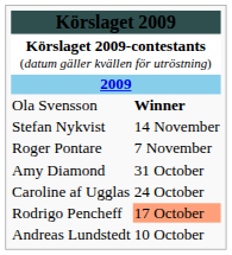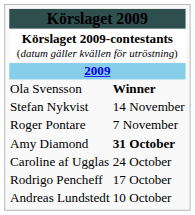 <table class="infobox">
 <tr>
 <td colspan="2" style="background:#2F4F4F; text-align:center;"><big><strong><span>Körslaget 2009</span></strong></big></td>
 </tr>
 <tr>
 <td colspan="2" style="background:#FFFFFF; text-align:center;"><strong>Körslaget 2009-contestants</strong><br><small>(<em>datum gäller kvällen för utröstning</em>)</small></td>
 </tr>
 <tr>
 <td colspan="2" style="background:#87CEEB; text-align:center;"><strong><a href='#'>2009</a></strong></td>
 </tr>
 <tr ---->
 <td>Ola Svensson</td>
 <td><strong>Winner</strong></td>
 </tr>
 <tr ---->
 <td>Stefan Nykvist</td>
 <td>14 November</td>
 </tr>
 <tr ---->
 <td>Roger Pontare</td>
 <td>7 November</td>
 </tr>
 <tr ---->
 <td>Amy Diamond</td>
-<td>31 October</td>
+<td><strong>31 October</strong></td>
 </tr>
 <tr ---->
 <td>Caroline af Ugglas</td>
 <td>24 October</td>
 </tr>
 <tr ---->
 <td>Rodrigo Pencheff</td>
-<td style="background: lightsalmon;">17 October</td>
+<td>17 October</td>
 </tr>
 <tr ---->
 <td>Andreas Lundstedt</td>
 <td>10 October</td>
 </tr>
 </table>
